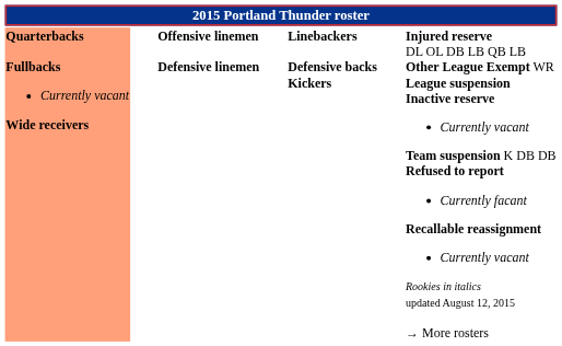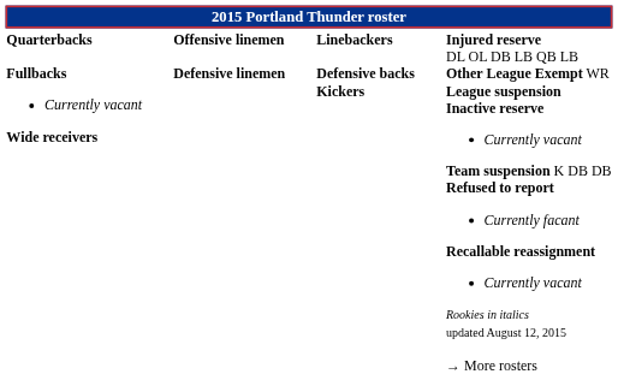 <table class="toccolours" style="text-align: left;">
 <tr>
 <th colspan=7 style="background:#03338B; border: 2px solid #C52A32; color:#ffffff; text-align:center;"><strong>2015 Portland Thunder roster</strong></th>
 </tr>
 <tr>
-<td style="background: lightsalmon; font-size: 95%;vertical-align:top;"><strong>Quarterbacks</strong><br> <br><strong>Fullbacks</strong><ul><li><em>Currently vacant</em></li></ul><strong>Wide receivers</strong>      </td>
+<td style="font-size: 95%;vertical-align:top;"><strong>Quarterbacks</strong><br> <br><strong>Fullbacks</strong><ul><li><em>Currently vacant</em></li></ul><strong>Wide receivers</strong>      </td>
 <td style="width: 25px;"></td>
 <td style="font-size: 95%;vertical-align:top;"><strong>Offensive linemen</strong><br>   <br><strong>Defensive linemen</strong>    </td>
 <td style="width: 25px;"></td>
 <td style="font-size: 95%;vertical-align:top;"><strong>Linebackers</strong><br> <br><strong>Defensive backs</strong>     <br><strong>Kickers</strong> </td>
 <td style="width: 25px;"></td>
 <td style="font-size: 95%;vertical-align:top;"><strong>Injured reserve</strong><br> DL  OL  DB  LB  QB  LB<br><strong>Other League Exempt</strong>     WR<br><strong>League suspension</strong>     <br><strong>Inactive reserve</strong><ul><li><em>Currently vacant</em></li></ul><strong>Team suspension</strong>  K  DB  DB<br><strong>Refused to report</strong><ul><li><em>Currently facant</em></li></ul><strong>Recallable reassignment</strong><ul><li><em>Currently vacant</em></li></ul><small><em>Rookies in italics</em><br><span></span> updated August 12, 2015</small><br> <br>→ More rosters</td>
 </tr>
 <tr>
 </tr>
 </table>
